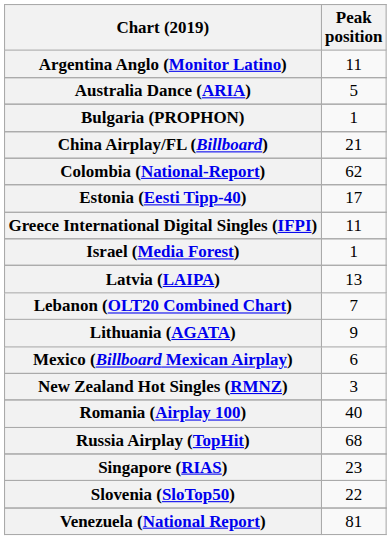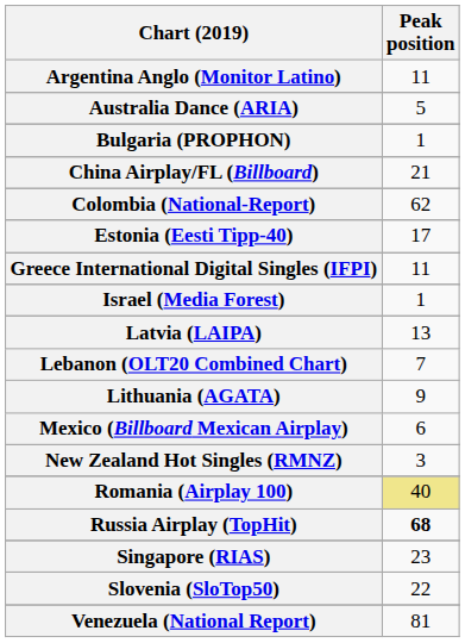 <table class="wikitable sortable plainrowheaders" style="text-align:center">
 <tr>
 <th scope="col">Chart (2019)</th>
 <th scope="col">Peak<br>position</th>
 </tr>
 <tr>
 <th scope="row">Argentina Anglo (<a href='#'>Monitor Latino</a>)</th>
 <td>11</td>
 </tr>
 <tr>
 </tr>
 <tr>
 <th scope="row">Australia Dance (<a href='#'>ARIA</a>)</th>
 <td>5</td>
 </tr>
 <tr>
 </tr>
 <tr>
 </tr>
 <tr>
 </tr>
 <tr>
 <th scope="row">Bulgaria (PROPHON)</th>
 <td>1</td>
 </tr>
 <tr>
 </tr>
 <tr>
 <th scope="row">China Airplay/FL (<em><a href='#'>Billboard</a></em>)</th>
 <td>21</td>
 </tr>
 <tr>
 </tr>
 <tr>
 <th scope="row">Colombia (<a href='#'>National-Report</a>)</th>
 <td>62</td>
 </tr>
 <tr>
 </tr>
 <tr>
 </tr>
 <tr>
 <th scope="row">Estonia (<a href='#'>Eesti Tipp-40</a>)</th>
 <td>17</td>
 </tr>
 <tr>
 </tr>
 <tr>
 </tr>
 <tr>
 <th scope="row">Greece International Digital Singles (<a href='#'>IFPI</a>)</th>
 <td>11</td>
 </tr>
 <tr>
 </tr>
 <tr>
 </tr>
 <tr>
 </tr>
 <tr>
 <th scope="row">Israel (<a href='#'>Media Forest</a>)</th>
 <td>1</td>
 </tr>
 <tr>
 </tr>
 <tr>
 </tr>
 <tr>
 <th scope="row">Latvia (<a href='#'>LAIPA</a>)</th>
 <td>13</td>
 </tr>
 <tr>
 <th scope="row">Lebanon (<a href='#'>OLT20 Combined Chart</a>)</th>
 <td>7</td>
 </tr>
 <tr>
 <th scope="row">Lithuania (<a href='#'>AGATA</a>)</th>
 <td>9</td>
 </tr>
 <tr>
 <th scope="row">Mexico (<a href='#'><em>Billboard</em> Mexican Airplay</a>)</th>
 <td>6</td>
 </tr>
 <tr>
 </tr>
 <tr>
 </tr>
 <tr>
 <th scope="row">New Zealand Hot Singles (<a href='#'>RMNZ</a>)</th>
 <td>3</td>
 </tr>
 <tr>
 </tr>
 <tr>
 </tr>
 <tr>
 <th scope="row">Romania (<a href='#'>Airplay 100</a>)</th>
-<td>40</td>
+<td style="background: khaki;">40</td>
 </tr>
 <tr>
 <th scope="row">Russia Airplay (<a href='#'>TopHit</a>)</th>
-<td>68</td>
+<td><strong>68</strong></td>
 </tr>
 <tr>
 </tr>
 <tr>
 <th scope="row">Singapore (<a href='#'>RIAS</a>)</th>
 <td>23</td>
 </tr>
 <tr>
 </tr>
 <tr>
 </tr>
 <tr>
 <th scope="row">Slovenia (<a href='#'>SloTop50</a>)</th>
 <td>22</td>
 </tr>
 <tr>
 </tr>
 <tr>
 </tr>
 <tr>
 </tr>
 <tr>
 </tr>
 <tr>
 </tr>
 <tr>
 </tr>
 <tr>
 </tr>
 <tr>
 </tr>
 <tr>
 </tr>
 <tr>
 <th scope="row">Venezuela (<a href='#'>National Report</a>)</th>
 <td>81</td>
 </tr>
 </table>
